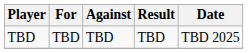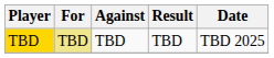 <table class="wikitable">
 <tr>
 <th>Player</th>
 <th>For</th>
 <th>Against</th>
 <th>Result</th>
 <th>Date</th>
 </tr>
 <tr>
-<td>TBD</td>
-<td>TBD</td>
+<td style="background: gold;">TBD</td>
+<td style="background: khaki;">TBD</td>
 <td>TBD</td>
 <td>TBD</td>
 <td>TBD 2025</td>
 </tr>
 <tr>
 </tr>
 </table>
